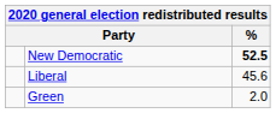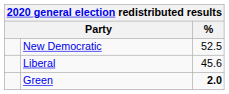 <table class="wikitable">
 <tr>
 <th colspan="4"><a href='#'>2020 general election</a> redistributed results</th>
 </tr>
 <tr>
 <th colspan="2" style="width: 130px;">Party</th>
 <th style="width: 40px;">%</th>
 </tr>
 <tr>
 <td> </td>
 <td><a href='#'>New Democratic</a></td>
-<td style="text-align: right;"><strong>52.5</strong></td>
+<td style="text-align: right;">52.5</td>
 </tr>
 <tr>
 <td> </td>
 <td><a href='#'>Liberal</a></td>
 <td style="text-align: right;">45.6</td>
 </tr>
 <tr>
 <td> </td>
 <td><a href='#'>Green</a></td>
-<td style="text-align: right;">2.0</td>
+<td style="text-align: right;"><strong>2.0</strong></td>
 </tr>
 </table>
